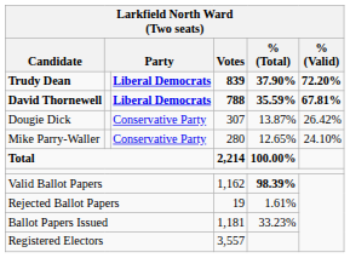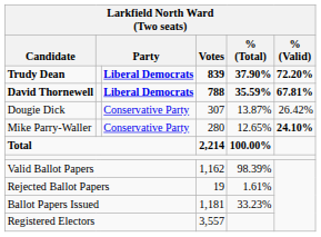 <table class="wikitable" border="1" style="text-align:right; font-size:100%">
 <tr>
 <th align=center colspan=6>Larkfield North Ward<br>(Two seats)</th>
 </tr>
 <tr>
 <th valign=bottom>Candidate</th>
 <th valign=bottom colspan=2>Party</th>
 <th valign=bottom>Votes</th>
 <th>%<br>(Total)</th>
 <th>%<br>(Valid)</th>
 </tr>
 <tr>
 <td align=left><strong>Trudy Dean</strong></td>
 <td style="background:"></td>
 <td align=left><strong><a href='#'>Liberal Democrats</a></strong></td>
 <td><strong>839</strong></td>
 <td><strong>37.90%</strong></td>
 <td><strong>72.20%</strong></td>
 </tr>
 <tr>
 <td align=left><strong>David Thornewell</strong></td>
 <td style="background:"></td>
 <td align=left><strong><a href='#'>Liberal Democrats</a></strong></td>
 <td><strong>788</strong></td>
 <td><strong>35.59%</strong></td>
 <td><strong>67.81%</strong></td>
 </tr>
 <tr>
 <td align=left>Dougie Dick</td>
 <td style="background:"></td>
 <td align=left><a href='#'>Conservative Party</a></td>
 <td>307</td>
 <td>13.87%</td>
 <td>26.42%</td>
 </tr>
 <tr>
 <td align=left>Mike Parry-Waller</td>
 <td style="background:"></td>
 <td align=left><a href='#'>Conservative Party</a></td>
 <td>280</td>
 <td>12.65%</td>
-<td>24.10%</td>
+<td><strong>24.10%</strong></td>
 </tr>
 <tr style="font-weight:bold">
 <td align=left colspan=3>Total</td>
 <td>2,214</td>
 <td>100.00%</td>
 <td></td>
 </tr>
 <tr>
 <td align=left colspan=6></td>
 </tr>
 <tr>
 <td align=left colspan=3>Valid Ballot Papers</td>
 <td>1,162</td>
-<td><strong>98.39%</strong></td>
+<td>98.39%</td>
 <td rowspan=4></td>
 </tr>
 <tr>
 <td align=left colspan=3>Rejected Ballot Papers</td>
 <td>19</td>
 <td>1.61%</td>
 </tr>
 <tr>
 <td align=left colspan=3>Ballot Papers Issued</td>
 <td>1,181</td>
 <td>33.23%</td>
 </tr>
 <tr>
 <td align=left colspan=3>Registered Electors</td>
 <td>3,557</td>
 <td></td>
 </tr>
 </table>
